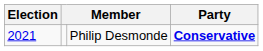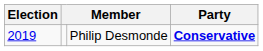 <table class="wikitable">
 <tr>
 <th>Election</th>
 <th colspan="2">Member</th>
 <th>Party</th>
 </tr>
 <tr>
-<td><a href='#'>2021</a></td>
+<td><a href='#'>2019</a></td>
 <td rowspan="1" style="background-color: "></td>
 <td rowspan="1">Philip Desmonde</td>
 <td rowspan="1"><strong><a href='#'>Conservative</a></strong></td>
 </tr>
 </table>
